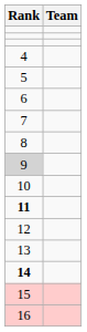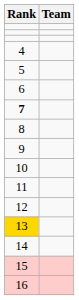 <table class="wikitable" style="text-align: center">
 <tr>
 <th>Rank</th>
 <th>Team</th>
 </tr>
 <tr -bgcolor=#ccffcc>
 <td></td>
 <td align=left></td>
 </tr>
 <tr -bgcolor=#ccffcc>
 <td></td>
 <td align=left></td>
 </tr>
 <tr -bgcolor=#ccffcc>
 <td></td>
 <td align=left></td>
 </tr>
 <tr -bgcolor=#ccffcc>
 <td>4</td>
 <td align=left></td>
 </tr>
 <tr -bgcolor=#ccffcc>
 <td>5</td>
 <td align=left></td>
 </tr>
 <tr>
 <td>6</td>
 <td align=left></td>
 </tr>
 <tr>
-<td>7</td>
+<td><strong>7</strong></td>
 <td align=left></td>
 </tr>
 <tr>
 <td>8</td>
 <td align=left></td>
 </tr>
 <tr>
-<td style="background: lightgrey;">9</td>
+<td>9</td>
 <td align=left></td>
 </tr>
 <tr>
 <td>10</td>
 <td align=left></td>
 </tr>
 <tr>
-<td><strong>11</strong></td>
+<td>11</td>
 <td align=left></td>
 </tr>
 <tr>
 <td>12</td>
 <td align=left></td>
 </tr>
 <tr>
-<td>13</td>
+<td style="background: gold;">13</td>
 <td align=left></td>
 </tr>
 <tr>
-<td><strong>14</strong></td>
+<td>14</td>
 <td align=left></td>
 </tr>
 <tr bgcolor=#ffcccc>
 <td>15</td>
 <td align=left></td>
 </tr>
 <tr bgcolor=#ffcccc>
 <td>16</td>
 <td align=left></td>
 </tr>
 </table>
